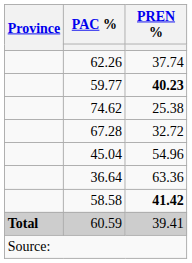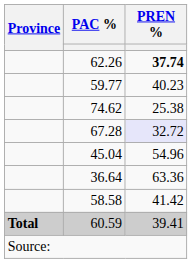 <table class="wikitable sortable" style="text-align:right; font-size:95%">
 <tr>
 <th rowspan=2><a href='#'>Province</a></th>
 <th width=60px><a href='#'>PAC</a> %</th>
 <th width=60px><a href='#'>PREN</a> %</th>
 </tr>
 <tr>
 <th style="background:"></th>
 <th style="background:"></th>
 </tr>
 <tr>
 <td align="left"></td>
 <td style="background:">62.26</td>
-<td>37.74</td>
+<td><strong>37.74</strong></td>
 </tr>
 <tr>
 <td align="left"></td>
 <td style="background:">59.77</td>
-<td><strong>40.23</strong></td>
+<td>40.23</td>
 </tr>
 <tr>
 <td align="left"></td>
 <td style="background:">74.62</td>
 <td>25.38</td>
 </tr>
 <tr>
 <td align="left"></td>
 <td style="background:">67.28</td>
-<td>32.72</td>
+<td style="background: lavender;">32.72</td>
 </tr>
 <tr>
 <td align="left"></td>
 <td>45.04</td>
 <td style="background:">54.96</td>
 </tr>
 <tr>
 <td align="left"></td>
 <td>36.64</td>
 <td style="background:">63.36</td>
 </tr>
 <tr>
 <td align="left"></td>
 <td style="background:">58.58</td>
-<td><strong>41.42</strong></td>
+<td>41.42</td>
 </tr>
 <tr style="background:#CDCDCD;">
 <td align="left"><strong>Total</strong></td>
 <td style="background:">60.59</td>
 <td>39.41</td>
 </tr>
 <tr>
 <td align=left colspan=11>Source:  </td>
 </tr>
 </table>
